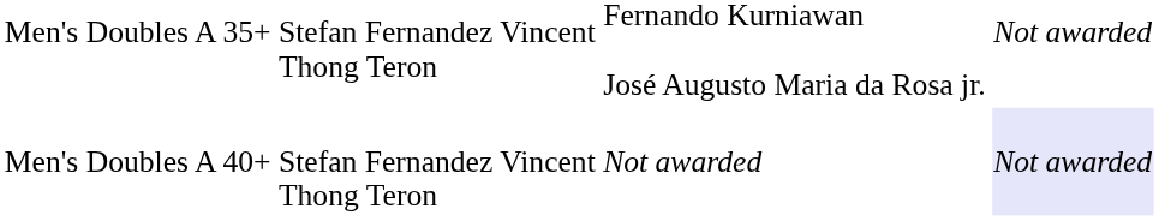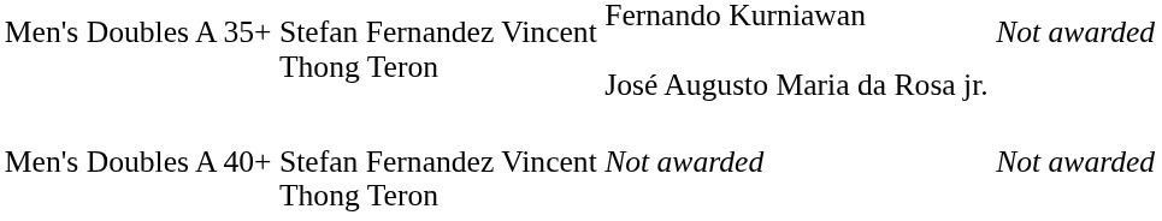 <table>
 <tr>
 <td>Men's Doubles A 35+</td>
 <td><br>Stefan Fernandez Vincent<br>Thong Teron</td>
 <td><br>Fernando Kurniawan<br><br>José Augusto Maria da Rosa jr.</td>
 <td><em>Not awarded</em></td>
 </tr>
 <tr>
 <td>Men's Doubles A 40+</td>
 <td><br>Stefan Fernandez Vincent<br>Thong Teron</td>
 <td><em>Not awarded</em></td>
-<td style="background: lavender;"><em>Not awarded</em></td>
+<td><em>Not awarded</em></td>
 </tr>
 </table>
